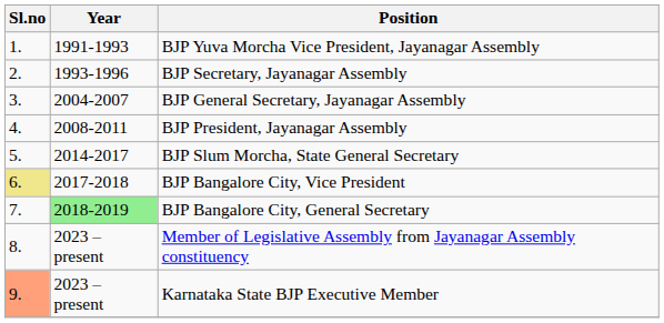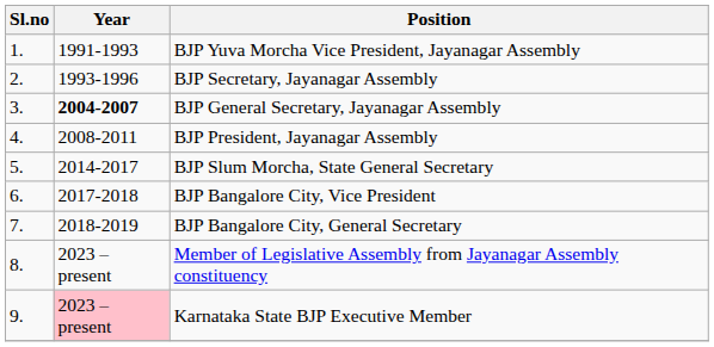 <table class="sortable wikitable">
 <tr>
 <th>Sl.no</th>
 <th>Year</th>
 <th>Position</th>
 </tr>
 <tr>
 <td>1.</td>
 <td>1991-1993</td>
 <td>BJP Yuva Morcha Vice President, Jayanagar Assembly</td>
 </tr>
 <tr>
 <td>2.</td>
 <td>1993-1996</td>
 <td>BJP Secretary, Jayanagar Assembly</td>
 </tr>
 <tr>
 <td>3.</td>
-<td>2004-2007</td>
+<td><strong>2004-2007</strong></td>
 <td>BJP General Secretary, Jayanagar Assembly</td>
 </tr>
 <tr>
 <td>4.</td>
 <td>2008-2011</td>
 <td>BJP President, Jayanagar Assembly</td>
 </tr>
 <tr>
 <td>5.</td>
 <td>2014-2017</td>
 <td>BJP Slum Morcha, State General Secretary</td>
 </tr>
 <tr>
-<td style="background: khaki;">6.</td>
+<td>6.</td>
 <td>2017-2018</td>
 <td>BJP Bangalore City, Vice President</td>
 </tr>
 <tr>
 <td>7.</td>
-<td style="background: lightgreen;">2018-2019</td>
+<td>2018-2019</td>
 <td>BJP Bangalore City, General Secretary</td>
 </tr>
 <tr>
 <td>8.</td>
 <td>2023 – present</td>
 <td><a href='#'>Member of Legislative Assembly</a> from <a href='#'>Jayanagar Assembly constituency</a></td>
 </tr>
 <tr>
-<td style="background: lightsalmon;">9.</td>
-<td>2023 – present</td>
+<td>9.</td>
+<td style="background: pink;">2023 – present</td>
 <td>Karnataka State BJP Executive Member</td>
 </tr>
 <tr>
 </tr>
 </table>
